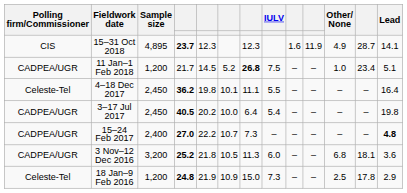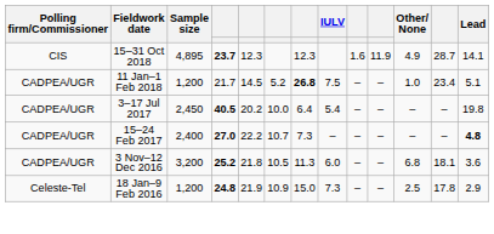 <table class="wikitable collapsible collapsed" style="text-align:center; font-size:90%; line-height:14px;">
 <tr style="height:42px;">
 <th style="width:250px;" rowspan="2">Polling firm/Commissioner</th>
 <th style="width:125px;" rowspan="2">Fieldwork date</th>
 <th style="width:50px;" rowspan="2">Sample size</th>
 <th style="width:35px;"></th>
 <th style="width:35px;"></th>
 <th style="width:35px;"></th>
 <th style="width:35px;"></th>
 <th style="width:35px;"><a href='#'>IULV</a></th>
 <th style="width:35px;"></th>
 <th style="width:35px;"></th>
 <th style="width:35px;" rowspan="2">Other/<br>None</th>
 <th style="width:35px;" rowspan="2"></th>
 <th style="width:30px;" rowspan="2">Lead</th>
 </tr>
 <tr>
 <th style="color:inherit;background:"></th>
 <th style="color:inherit;background:"></th>
 <th style="color:inherit;background:"></th>
 <th style="color:inherit;background:"></th>
 <th style="color:inherit;background:"></th>
 <th style="color:inherit;background:"></th>
 <th style="color:inherit;background:"></th>
 </tr>
 <tr>
 <td>CIS</td>
 <td>15–31 Oct 2018</td>
 <td>4,895</td>
 <td><strong>23.7</strong></td>
 <td>12.3</td>
 <td></td>
 <td>12.3</td>
 <td></td>
 <td>1.6</td>
 <td>11.9</td>
 <td>4.9</td>
 <td>28.7</td>
 <td style="background:">14.1</td>
 </tr>
 <tr>
 <td>CADPEA/UGR</td>
 <td>11 Jan–1 Feb 2018</td>
 <td>1,200</td>
 <td>21.7</td>
 <td>14.5</td>
 <td>5.2</td>
 <td><strong>26.8</strong></td>
 <td>7.5</td>
 <td>–</td>
 <td>–</td>
 <td>1.0</td>
 <td>23.4</td>
 <td style="background:">5.1</td>
-</tr>
-<tr>
-<td>Celeste-Tel</td>
-<td>4–18 Dec 2017</td>
-<td>2,450</td>
-<td><strong>36.2</strong></td>
-<td>19.8</td>
-<td>10.1</td>
-<td>11.1</td>
-<td>5.5</td>
-<td>–</td>
-<td>–</td>
-<td>–</td>
-<td>–</td>
-<td style="background:">16.4</td>
 </tr>
 <tr>
 <td>CADPEA/UGR</td>
 <td>3–17 Jul 2017</td>
 <td>2,450</td>
 <td><strong>40.5</strong></td>
 <td>20.2</td>
 <td>10.0</td>
 <td>6.4</td>
 <td>5.4</td>
 <td>–</td>
 <td>–</td>
 <td>–</td>
 <td>–</td>
 <td style="background:">19.8</td>
 </tr>
 <tr>
 <td>CADPEA/UGR</td>
 <td>15–24 Feb 2017</td>
 <td>2,400</td>
 <td><strong>27.0</strong></td>
 <td>22.2</td>
 <td>10.7</td>
 <td>7.3</td>
 <td>–</td>
 <td>–</td>
 <td>–</td>
 <td>–</td>
 <td>–</td>
 <td style="background:"><strong>4.8</strong></td>
 </tr>
 <tr>
 <td>CADPEA/UGR</td>
 <td>3 Nov–12 Dec 2016</td>
 <td>3,200</td>
 <td><strong>25.2</strong></td>
 <td>21.8</td>
 <td>10.5</td>
 <td>11.3</td>
 <td>6.0</td>
 <td>–</td>
 <td>–</td>
 <td>6.8</td>
 <td>18.1</td>
 <td style="background:">3.6</td>
 </tr>
 <tr>
 <td>Celeste-Tel</td>
 <td>18 Jan–9 Feb 2016</td>
 <td>1,200</td>
 <td><strong>24.8</strong></td>
 <td>21.9</td>
 <td>10.9</td>
 <td>15.0</td>
 <td>7.3</td>
 <td>–</td>
 <td>–</td>
 <td>2.5</td>
 <td>17.8</td>
 <td style="background:">2.9</td>
 </tr>
 </table>
